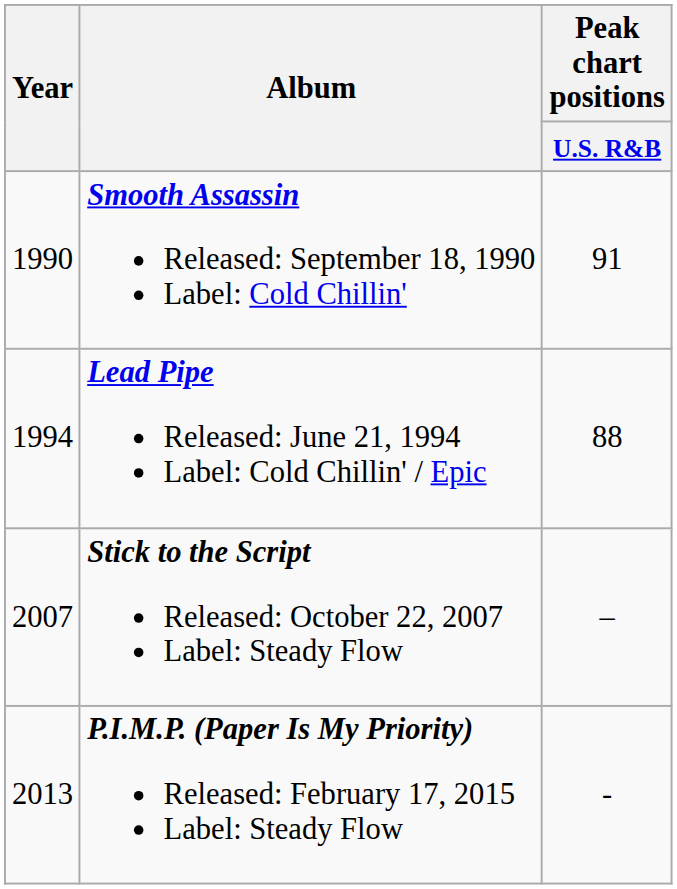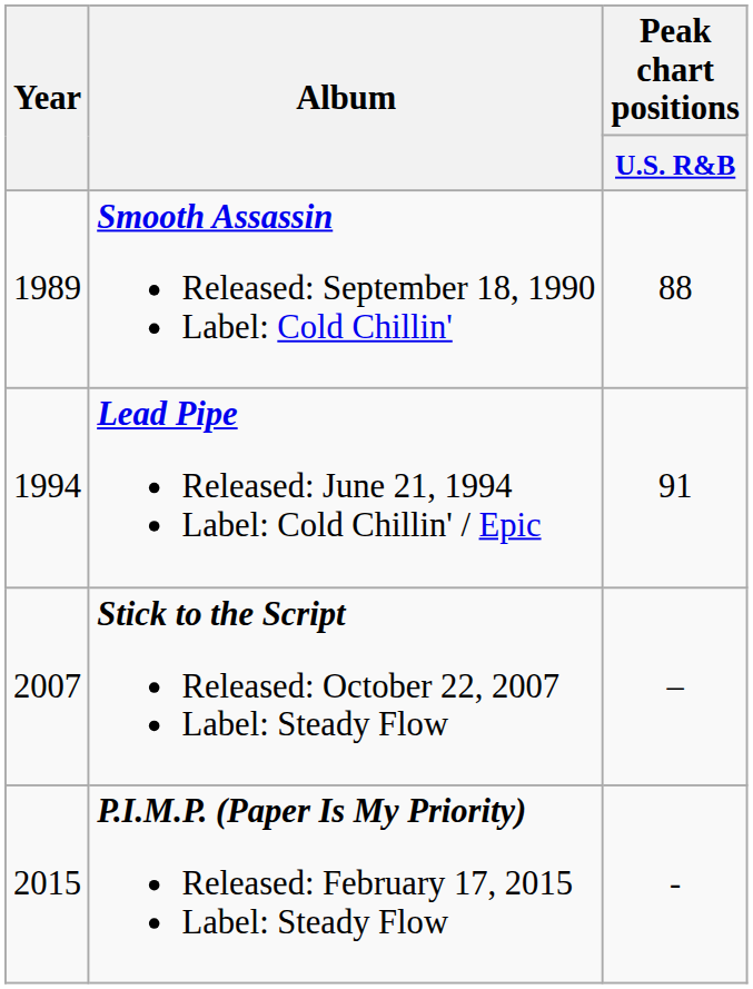 <table class="wikitable">
 <tr>
 <th rowspan="2">Year</th>
 <th rowspan="2">Album</th>
 <th colspan="1">Peak chart positions</th>
 </tr>
 <tr>
 <th width=40><small><a href='#'>U.S. R&B</a></small></th>
 </tr>
 <tr>
-<td>1990</td>
+<td>1989</td>
 <td><strong><em><a href='#'>Smooth Assassin</a></em></strong><br><ul><li>Released: September 18, 1990</li><li>Label: <a href='#'>Cold Chillin'</a></li></ul></td>
-<td align="center">91</td>
+<td align="center">88</td>
 </tr>
 <tr>
 <td>1994</td>
 <td><strong><em><a href='#'>Lead Pipe</a></em></strong><br><ul><li>Released: June 21, 1994</li><li>Label: Cold Chillin' / <a href='#'>Epic</a></li></ul></td>
-<td align="center">88</td>
+<td align="center">91</td>
 </tr>
 <tr>
 <td>2007</td>
 <td><strong><em>Stick to the Script</em></strong><br><ul><li>Released: October 22, 2007</li><li>Label: Steady Flow</li></ul></td>
 <td align="center">–</td>
 </tr>
 <tr>
-<td>2013</td>
+<td>2015</td>
 <td><strong><em>P.I.M.P. (Paper Is My Priority)</em></strong><br><ul><li>Released: February 17, 2015</li><li>Label: Steady Flow</li></ul></td>
 <td align="center">-</td>
 </tr>
 </table>
